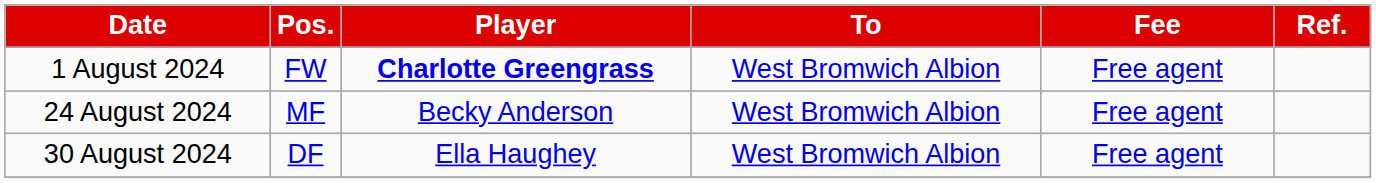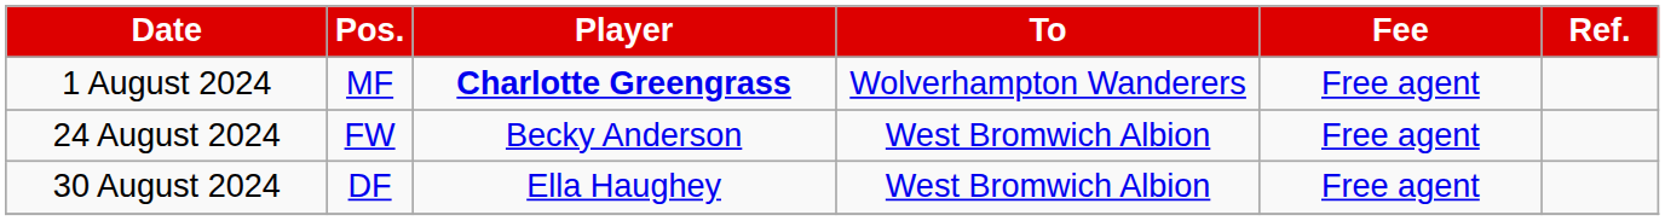 <table class="wikitable" style="text-align:center;">
 <tr>
 <th style="background:#DD0000; color:#FFFFFF; width:150px;">Date</th>
 <th style="background:#DD0000; color:#FFFFFF; width:20px;">Pos.</th>
 <th style="background:#DD0000; color:#FFFFFF; width:200px;">Player</th>
 <th style="background:#DD0000; color:#FFFFFF; width:200px;">To</th>
 <th style="background:#DD0000; color:#FFFFFF; width:130px;">Fee</th>
 <th style="background:#DD0000; color:#FFFFFF; width:50px;">Ref.</th>
 </tr>
 <tr>
 <td>1 August 2024</td>
-<td><a href='#'>FW</a></td>
+<td><a href='#'>MF</a></td>
 <td><strong><a href='#'>Charlotte Greengrass</a></strong></td>
-<td><a href='#'>West Bromwich Albion</a></td>
+<td><a href='#'>Wolverhampton Wanderers</a></td>
 <td><a href='#'>Free agent</a></td>
 <td></td>
 </tr>
 <tr>
 <td>24 August 2024</td>
-<td><a href='#'>MF</a></td>
+<td><a href='#'>FW</a></td>
 <td><a href='#'>Becky Anderson</a></td>
 <td><a href='#'>West Bromwich Albion</a></td>
 <td><a href='#'>Free agent</a></td>
 <td></td>
 </tr>
 <tr>
 <td>30 August 2024</td>
 <td><a href='#'>DF</a></td>
 <td><a href='#'>Ella Haughey</a></td>
 <td><a href='#'>West Bromwich Albion</a></td>
 <td><a href='#'>Free agent</a></td>
 <td></td>
 </tr>
 <tr>
 </tr>
 </table>
